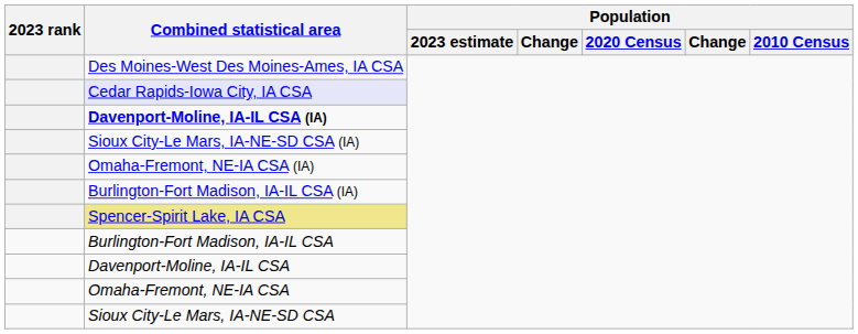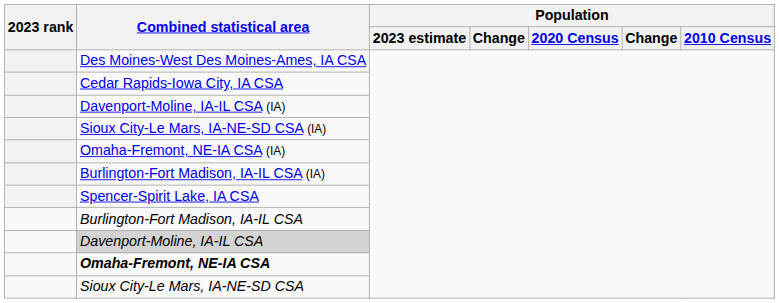 <table class="wikitable sortable">
 <tr>
 <th scope=col rowspan=2>2023 rank</th>
 <th scope=col rowspan=2><a href='#'>Combined statistical area</a></th>
 <th colspan=5>Population</th>
 </tr>
 <tr>
 <th scope=col>2023 estimate</th>
 <th scope=col>Change</th>
 <th scope=col><a href='#'>2020 Census</a></th>
 <th scope=col>Change</th>
 <th scope=col><a href='#'>2010 Census</a></th>
 </tr>
 <tr>
 <th scope=row></th>
 <td><a href='#'>Des Moines-West Des Moines-Ames, IA CSA</a><br></td>
 </tr>
 <tr>
 <th scope=row></th>
-<td style="background: lavender;"><a href='#'>Cedar Rapids-Iowa City, IA CSA</a><br></td>
+<td><a href='#'>Cedar Rapids-Iowa City, IA CSA</a><br></td>
 </tr>
 <tr>
 <th scope=row></th>
-<td><strong><a href='#'>Davenport-Moline, IA-IL CSA</a> <small>(IA)</small><br></strong></td>
+<td><a href='#'>Davenport-Moline, IA-IL CSA</a> <small>(IA)</small><br></td>
 </tr>
 <tr>
 <th scope=row></th>
 <td><a href='#'>Sioux City-Le Mars, IA-NE-SD CSA</a> <small>(IA)</small><br></td>
 </tr>
 <tr>
 <th scope=row></th>
 <td><a href='#'>Omaha-Fremont, NE-IA CSA</a> <small>(IA)</small><br></td>
 </tr>
 <tr>
 <th scope=row></th>
 <td><a href='#'>Burlington-Fort Madison, IA-IL CSA</a> <small>(IA)</small><br></td>
 </tr>
 <tr>
 <th scope=row></th>
-<td style="background: khaki;"><a href='#'>Spencer-Spirit Lake, IA CSA</a><br></td>
+<td><a href='#'>Spencer-Spirit Lake, IA CSA</a><br></td>
 </tr>
 <tr>
 <td></td>
 <td><em><span>Burlington-Fort Madison, IA-IL CSA</span></em><br></td>
 </tr>
 <tr>
 <td></td>
-<td><em><span>Davenport-Moline, IA-IL CSA</span></em><br></td>
+<td style="background: lightgrey;"><em><span>Davenport-Moline, IA-IL CSA</span></em><br></td>
 </tr>
 <tr>
 <td></td>
-<td><em><span>Omaha-Fremont, NE-IA CSA</span></em><br></td>
+<td><strong><em><span>Omaha-Fremont, NE-IA CSA</span></em><br></strong></td>
 </tr>
 <tr>
 <td></td>
 <td><em><span>Sioux City-Le Mars, IA-NE-SD CSA</span></em><br></td>
 </tr>
 </table>
